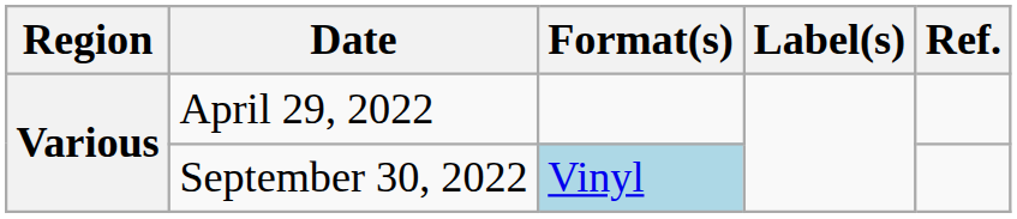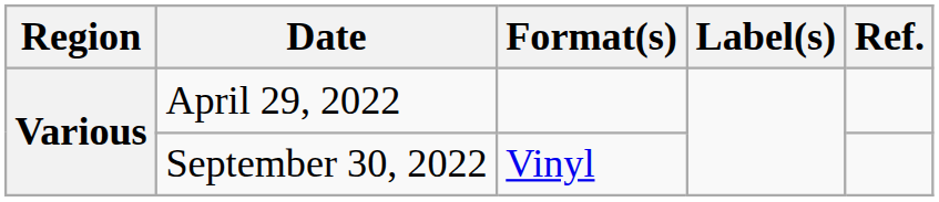 <table class="wikitable plainrowheaders">
 <tr>
 <th scope="col">Region</th>
 <th scope="col">Date</th>
 <th scope="col">Format(s)</th>
 <th scope="col">Label(s)</th>
 <th scope="col">Ref.</th>
 </tr>
 <tr>
 <th scope="row" rowspan="2">Various</th>
 <td>April 29, 2022</td>
 <td></td>
 <td rowspan="2"></td>
 <td style="text-align: center"></td>
 </tr>
 <tr>
 <td>September 30, 2022</td>
-<td style="background: lightblue;"><a href='#'>Vinyl</a></td>
+<td><a href='#'>Vinyl</a></td>
 <td style="text-align: center"></td>
 </tr>
 </table>
